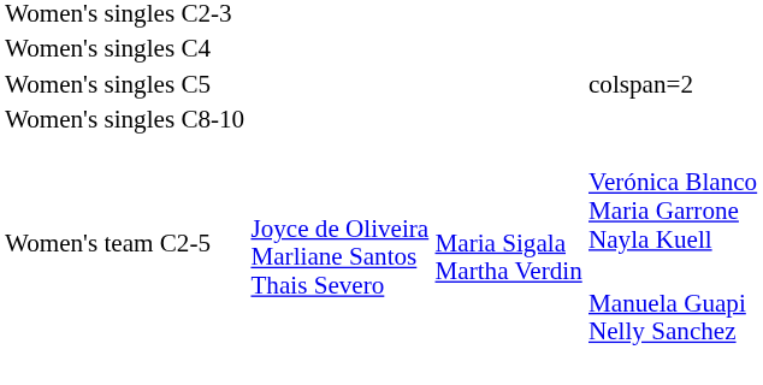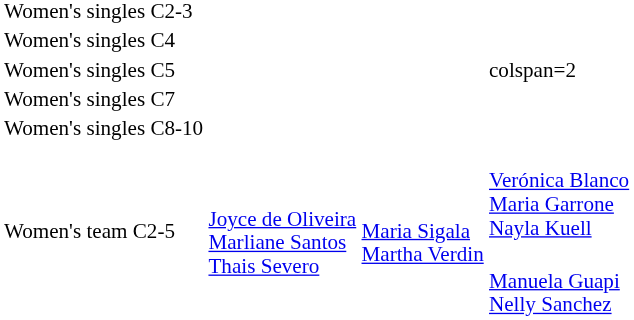 <table>
 <tr>
 <td rowspan=2>Women's singles C2-3<br></td>
 <td rowspan=2></td>
 <td rowspan=2></td>
 <td></td>
 </tr>
 <tr>
 <td></td>
 </tr>
 <tr>
 <td rowspan=2>Women's singles C4<br></td>
 <td rowspan=2></td>
 <td rowspan=2></td>
 <td></td>
 </tr>
 <tr>
 <td></td>
 </tr>
 <tr>
 <td>Women's singles C5<br></td>
 <td></td>
 <td></td>
 <td>colspan=2 </td>
 </tr>
 <tr>
+<td>Women's singles C7<br></td>
+<td></td>
+<td></td>
+<td></td>
+</tr>
+<tr>
 <td rowspan=2>Women's singles C8-10<br></td>
 <td rowspan=2></td>
 <td rowspan=2></td>
 <td></td>
 </tr>
 <tr>
 <td></td>
 </tr>
 <tr>
 <td rowspan=2>Women's team C2-5<br></td>
 <td rowspan=2><br><a href='#'>Joyce de Oliveira</a><br><a href='#'>Marliane Santos</a><br><a href='#'>Thais Severo</a></td>
 <td rowspan=2><br><a href='#'>Maria Sigala</a><br><a href='#'>Martha Verdin</a></td>
 <td><br><a href='#'>Verónica Blanco</a><br><a href='#'>Maria Garrone</a><br><a href='#'>Nayla Kuell</a></td>
 </tr>
 <tr>
 <td><br><a href='#'>Manuela Guapi</a><br><a href='#'>Nelly Sanchez</a></td>
 </tr>
 </table>
